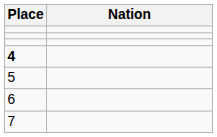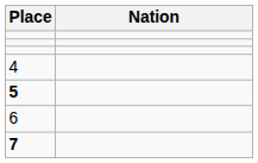 <table class=wikitable style=text-align:left>
 <tr>
 <th width=35>Place</th>
 <th width=185>Nation</th>
 </tr>
 <tr>
 <td></td>
 <td style=text-align:left></td>
 </tr>
 <tr>
 <td></td>
 <td style=text-align:left></td>
 </tr>
 <tr>
 <td></td>
 <td style=text-align:left></td>
 </tr>
 <tr>
-<td style=text-align:left><strong>4</strong></td>
+<td style=text-align:left>4</td>
 <td></td>
 </tr>
 <tr>
-<td style=text-align:left>5</td>
+<td style=text-align:left><strong>5</strong></td>
 <td></td>
 </tr>
 <tr>
 <td style=text-align:left>6</td>
 <td></td>
 </tr>
 <tr>
-<td style=text-align:left>7</td>
+<td style=text-align:left><strong>7</strong></td>
 <td></td>
 </tr>
 </table>
